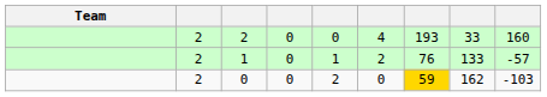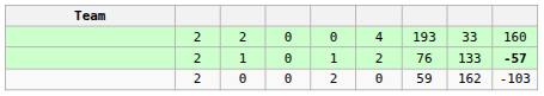 <table class=wikitable style="text-align: center;">
 <tr>
 <th style="width: 12.5em;" scope="col">Team</th>
 <th style="width: 3em;" scope="col"></th>
 <th style="width: 3em;" scope="col"></th>
 <th style="width: 3em;" scope="col"></th>
 <th style="width: 3em;" scope="col"></th>
 <th style="width: 3em;" scope="col"></th>
 <th style="width: 3em;" scope="col"></th>
 <th style="width: 3em;" scope="col"></th>
 <th style="width: 3em;" scope="col"></th>
 </tr>
 <tr style="background-color: #cfc;">
 <td style="text-align: left;"></td>
 <td>2</td>
 <td>2</td>
 <td>0</td>
 <td>0</td>
 <td>4</td>
 <td>193</td>
 <td>33</td>
 <td>160</td>
 </tr>
 <tr style="background-color: #cfc;">
 <td style="text-align: left;"></td>
 <td>2</td>
 <td>1</td>
 <td>0</td>
 <td>1</td>
 <td>2</td>
 <td>76</td>
 <td>133</td>
-<td>-57</td>
+<td><strong>-57</strong></td>
 </tr>
 <tr>
 <td style="text-align: left;"></td>
 <td>2</td>
 <td>0</td>
 <td>0</td>
 <td>2</td>
 <td>0</td>
-<td style="background: gold;">59</td>
+<td>59</td>
 <td>162</td>
 <td>-103</td>
 </tr>
 </table>
